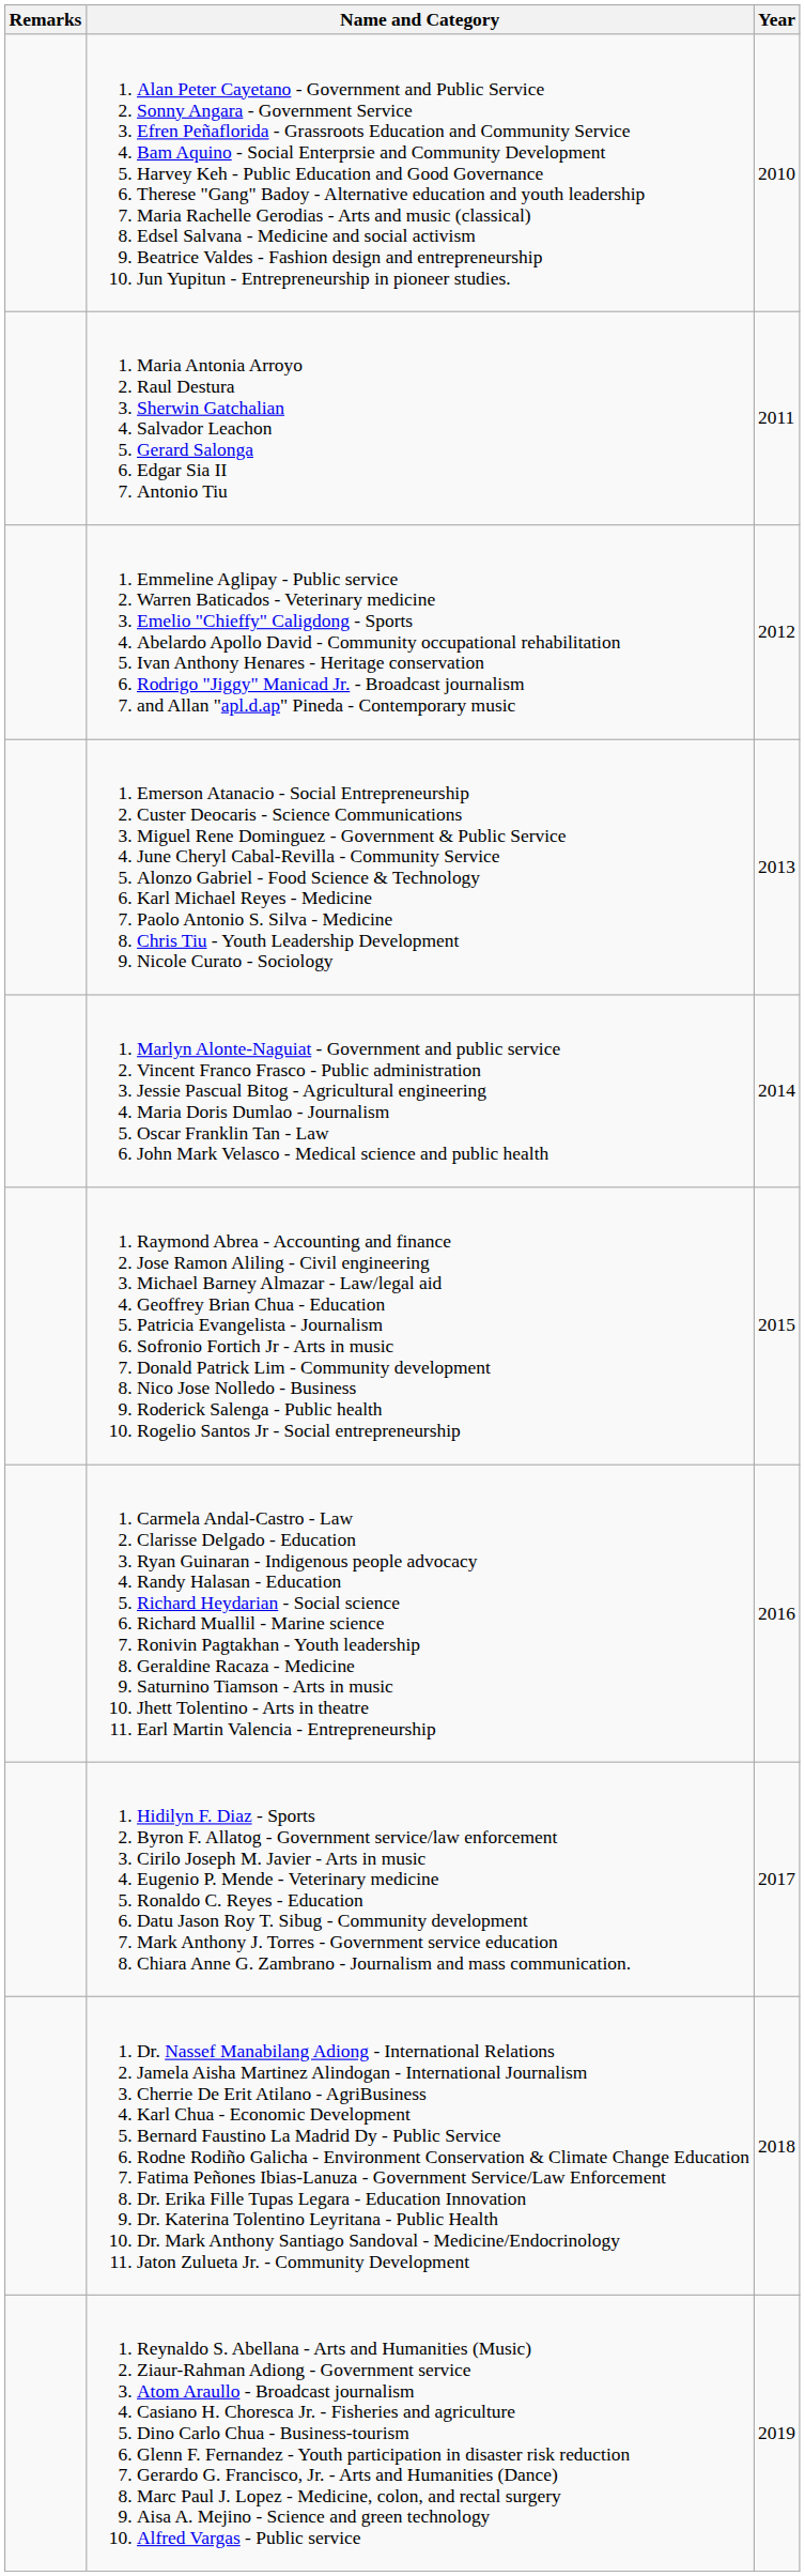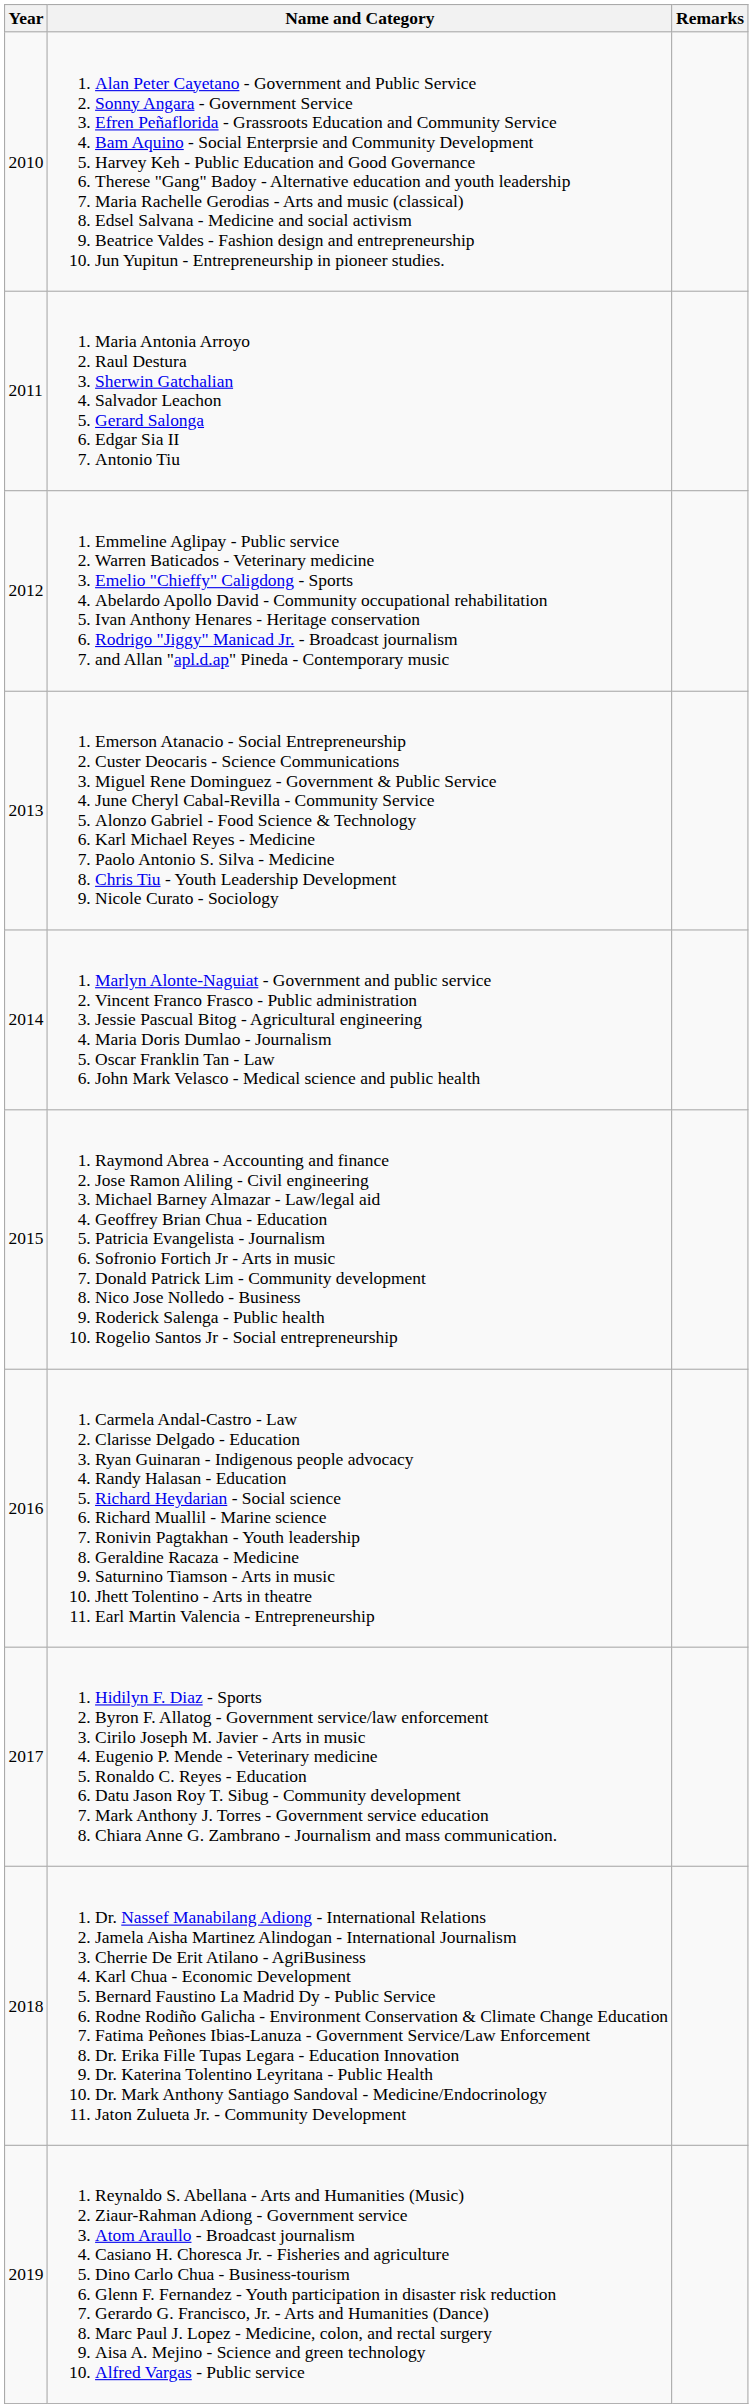 <table class="wikitable">
 <tr>
+<th>Year</th>
+<th>Name and Category</th>
 <th>Remarks</th>
-<th>Name and Category</th>
-<th>Year</th>
 </tr>
 <tr>
+<td>2010</td>
+<td><br><ol><li><a href='#'>Alan Peter Cayetano</a> - Government and Public Service</li><li><a href='#'>Sonny Angara</a> - Government Service</li><li><a href='#'>Efren Peñaflorida</a> - Grassroots Education and Community Service</li><li><a href='#'>Bam Aquino</a> - Social Enterprsie and Community Development</li><li>Harvey Keh - Public Education and Good Governance</li><li>Therese "Gang" Badoy - Alternative education and youth leadership</li><li>Maria Rachelle Gerodias - Arts and music (classical)</li><li>Edsel Salvana - Medicine and social activism</li><li>Beatrice Valdes - Fashion design and entrepreneurship</li><li>Jun Yupitun - Entrepreneurship in pioneer studies.</li></ol></td>
 <td></td>
-<td><br><ol><li><a href='#'>Alan Peter Cayetano</a> - Government and Public Service</li><li><a href='#'>Sonny Angara</a> - Government Service</li><li><a href='#'>Efren Peñaflorida</a> - Grassroots Education and Community Service</li><li><a href='#'>Bam Aquino</a> - Social Enterprsie and Community Development</li><li>Harvey Keh - Public Education and Good Governance</li><li>Therese "Gang" Badoy - Alternative education and youth leadership</li><li>Maria Rachelle Gerodias - Arts and music (classical)</li><li>Edsel Salvana - Medicine and social activism</li><li>Beatrice Valdes - Fashion design and entrepreneurship</li><li>Jun Yupitun - Entrepreneurship in pioneer studies.</li></ol></td>
-<td>2010</td>
 </tr>
 <tr>
+<td>2011</td>
+<td><br><ol><li>Maria Antonia Arroyo</li><li>Raul Destura</li><li><a href='#'>Sherwin Gatchalian</a></li><li>Salvador Leachon</li><li><a href='#'>Gerard Salonga</a></li><li>Edgar Sia II</li><li>Antonio Tiu</li></ol></td>
 <td></td>
-<td><br><ol><li>Maria Antonia Arroyo</li><li>Raul Destura</li><li><a href='#'>Sherwin Gatchalian</a></li><li>Salvador Leachon</li><li><a href='#'>Gerard Salonga</a></li><li>Edgar Sia II</li><li>Antonio Tiu</li></ol></td>
-<td>2011</td>
 </tr>
 <tr>
+<td>2012</td>
+<td><br><ol><li>Emmeline Aglipay - Public service</li><li>Warren Baticados - Veterinary medicine</li><li><a href='#'>Emelio "Chieffy" Caligdong</a> - Sports</li><li>Abelardo Apollo David - Community occupational rehabilitation</li><li>Ivan Anthony Henares - Heritage conservation</li><li><a href='#'>Rodrigo "Jiggy" Manicad Jr.</a> - Broadcast journalism</li><li>and Allan "<a href='#'>apl.d.ap</a>" Pineda - Contemporary music</li></ol></td>
 <td></td>
-<td><br><ol><li>Emmeline Aglipay - Public service</li><li>Warren Baticados - Veterinary medicine</li><li><a href='#'>Emelio "Chieffy" Caligdong</a> - Sports</li><li>Abelardo Apollo David - Community occupational rehabilitation</li><li>Ivan Anthony Henares - Heritage conservation</li><li><a href='#'>Rodrigo "Jiggy" Manicad Jr.</a> - Broadcast journalism</li><li>and Allan "<a href='#'>apl.d.ap</a>" Pineda - Contemporary music</li></ol></td>
-<td>2012</td>
 </tr>
 <tr>
+<td>2013</td>
+<td><br><ol><li>Emerson Atanacio - Social Entrepreneurship</li><li>Custer Deocaris - Science Communications</li><li>Miguel Rene Dominguez - Government & Public Service</li><li>June Cheryl Cabal-Revilla - Community Service</li><li>Alonzo Gabriel - Food Science & Technology</li><li>Karl Michael Reyes - Medicine</li><li>Paolo Antonio S. Silva - Medicine</li><li><a href='#'>Chris Tiu</a> - Youth Leadership Development</li><li>Nicole Curato - Sociology</li></ol></td>
 <td></td>
-<td><br><ol><li>Emerson Atanacio - Social Entrepreneurship</li><li>Custer Deocaris - Science Communications</li><li>Miguel Rene Dominguez - Government & Public Service</li><li>June Cheryl Cabal-Revilla - Community Service</li><li>Alonzo Gabriel - Food Science & Technology</li><li>Karl Michael Reyes - Medicine</li><li>Paolo Antonio S. Silva - Medicine</li><li><a href='#'>Chris Tiu</a> - Youth Leadership Development</li><li>Nicole Curato - Sociology</li></ol></td>
-<td>2013</td>
 </tr>
 <tr>
+<td>2014</td>
+<td><br><ol><li><a href='#'>Marlyn Alonte-Naguiat</a> - Government and public service</li><li>Vincent Franco Frasco - Public administration</li><li>Jessie Pascual Bitog - Agricultural engineering</li><li>Maria Doris Dumlao - Journalism</li><li>Oscar Franklin Tan - Law</li><li>John Mark Velasco - Medical science and public health</li></ol></td>
 <td></td>
-<td><br><ol><li><a href='#'>Marlyn Alonte-Naguiat</a> - Government and public service</li><li>Vincent Franco Frasco - Public administration</li><li>Jessie Pascual Bitog - Agricultural engineering</li><li>Maria Doris Dumlao - Journalism</li><li>Oscar Franklin Tan - Law</li><li>John Mark Velasco - Medical science and public health</li></ol></td>
-<td>2014</td>
 </tr>
 <tr>
+<td>2015</td>
+<td><br><ol><li>Raymond Abrea - Accounting and finance</li><li>Jose Ramon Aliling - Civil engineering</li><li>Michael Barney Almazar - Law/legal aid</li><li>Geoffrey Brian Chua - Education</li><li>Patricia Evangelista - Journalism</li><li>Sofronio Fortich Jr - Arts in music</li><li>Donald Patrick Lim - Community development</li><li>Nico Jose Nolledo - Business</li><li>Roderick Salenga - Public health</li><li>Rogelio Santos Jr - Social entrepreneurship</li></ol></td>
 <td></td>
-<td><br><ol><li>Raymond Abrea - Accounting and finance</li><li>Jose Ramon Aliling - Civil engineering</li><li>Michael Barney Almazar - Law/legal aid</li><li>Geoffrey Brian Chua - Education</li><li>Patricia Evangelista - Journalism</li><li>Sofronio Fortich Jr - Arts in music</li><li>Donald Patrick Lim - Community development</li><li>Nico Jose Nolledo - Business</li><li>Roderick Salenga - Public health</li><li>Rogelio Santos Jr - Social entrepreneurship</li></ol></td>
-<td>2015</td>
 </tr>
 <tr>
+<td>2016</td>
+<td><br><ol><li>Carmela Andal-Castro - Law</li><li>Clarisse Delgado - Education</li><li>Ryan Guinaran - Indigenous people advocacy</li><li>Randy Halasan - Education</li><li><a href='#'>Richard Heydarian</a> - Social science</li><li>Richard Muallil - Marine science</li><li>Ronivin Pagtakhan - Youth leadership</li><li>Geraldine Racaza - Medicine</li><li>Saturnino Tiamson - Arts in music</li><li>Jhett Tolentino - Arts in theatre</li><li>Earl Martin Valencia - Entrepreneurship</li></ol></td>
 <td></td>
-<td><br><ol><li>Carmela Andal-Castro - Law</li><li>Clarisse Delgado - Education</li><li>Ryan Guinaran - Indigenous people advocacy</li><li>Randy Halasan - Education</li><li><a href='#'>Richard Heydarian</a> - Social science</li><li>Richard Muallil - Marine science</li><li>Ronivin Pagtakhan - Youth leadership</li><li>Geraldine Racaza - Medicine</li><li>Saturnino Tiamson - Arts in music</li><li>Jhett Tolentino - Arts in theatre</li><li>Earl Martin Valencia - Entrepreneurship</li></ol></td>
-<td>2016</td>
 </tr>
 <tr>
+<td>2017</td>
+<td><br><ol><li><a href='#'>Hidilyn F. Diaz</a> - Sports</li><li>Byron F. Allatog - Government service/law enforcement</li><li>Cirilo Joseph M. Javier - Arts in music</li><li>Eugenio P. Mende - Veterinary medicine</li><li>Ronaldo C. Reyes - Education</li><li>Datu Jason Roy T. Sibug - Community development</li><li>Mark Anthony J. Torres - Government service education</li><li>Chiara Anne G. Zambrano - Journalism and mass communication.</li></ol></td>
 <td></td>
-<td><br><ol><li><a href='#'>Hidilyn F. Diaz</a> - Sports</li><li>Byron F. Allatog - Government service/law enforcement</li><li>Cirilo Joseph M. Javier - Arts in music</li><li>Eugenio P. Mende - Veterinary medicine</li><li>Ronaldo C. Reyes - Education</li><li>Datu Jason Roy T. Sibug - Community development</li><li>Mark Anthony J. Torres - Government service education</li><li>Chiara Anne G. Zambrano - Journalism and mass communication.</li></ol></td>
-<td>2017</td>
 </tr>
 <tr>
+<td>2018</td>
+<td><br><ol><li>Dr. <a href='#'>Nassef Manabilang Adiong</a> - International Relations</li><li>Jamela Aisha Martinez Alindogan - International Journalism</li><li>Cherrie De Erit Atilano - AgriBusiness</li><li>Karl Chua - Economic Development</li><li>Bernard Faustino La Madrid Dy - Public Service</li><li>Rodne Rodiño Galicha - Environment Conservation & Climate Change Education</li><li>Fatima Peñones Ibias-Lanuza - Government Service/Law Enforcement</li><li>Dr. Erika Fille Tupas Legara - Education Innovation</li><li>Dr. Katerina Tolentino Leyritana - Public Health</li><li>Dr. Mark Anthony Santiago Sandoval - Medicine/Endocrinology</li><li>Jaton Zulueta Jr. - Community Development</li></ol></td>
 <td></td>
-<td><br><ol><li>Dr. <a href='#'>Nassef Manabilang Adiong</a> - International Relations</li><li>Jamela Aisha Martinez Alindogan - International Journalism</li><li>Cherrie De Erit Atilano - AgriBusiness</li><li>Karl Chua - Economic Development</li><li>Bernard Faustino La Madrid Dy - Public Service</li><li>Rodne Rodiño Galicha - Environment Conservation & Climate Change Education</li><li>Fatima Peñones Ibias-Lanuza - Government Service/Law Enforcement</li><li>Dr. Erika Fille Tupas Legara - Education Innovation</li><li>Dr. Katerina Tolentino Leyritana - Public Health</li><li>Dr. Mark Anthony Santiago Sandoval - Medicine/Endocrinology</li><li>Jaton Zulueta Jr. - Community Development</li></ol></td>
-<td>2018</td>
 </tr>
 <tr>
+<td>2019</td>
+<td><br><ol><li>Reynaldo S. Abellana - Arts and Humanities (Music)</li><li>Ziaur-Rahman Adiong - Government service</li><li><a href='#'>Atom Araullo</a> - Broadcast journalism</li><li>Casiano H. Choresca Jr. - Fisheries and agriculture</li><li>Dino Carlo Chua - Business-tourism</li><li>Glenn F. Fernandez - Youth participation in disaster risk reduction</li><li>Gerardo G. Francisco, Jr. - Arts and Humanities (Dance)</li><li>Marc Paul J. Lopez - Medicine, colon, and rectal surgery</li><li>Aisa A. Mejino - Science and green technology</li><li><a href='#'>Alfred Vargas</a> - Public service</li></ol></td>
 <td></td>
-<td><br><ol><li>Reynaldo S. Abellana - Arts and Humanities (Music)</li><li>Ziaur-Rahman Adiong - Government service</li><li><a href='#'>Atom Araullo</a> - Broadcast journalism</li><li>Casiano H. Choresca Jr. - Fisheries and agriculture</li><li>Dino Carlo Chua - Business-tourism</li><li>Glenn F. Fernandez - Youth participation in disaster risk reduction</li><li>Gerardo G. Francisco, Jr. - Arts and Humanities (Dance)</li><li>Marc Paul J. Lopez - Medicine, colon, and rectal surgery</li><li>Aisa A. Mejino - Science and green technology</li><li><a href='#'>Alfred Vargas</a> - Public service</li></ol></td>
-<td>2019</td>
 </tr>
 </table>
